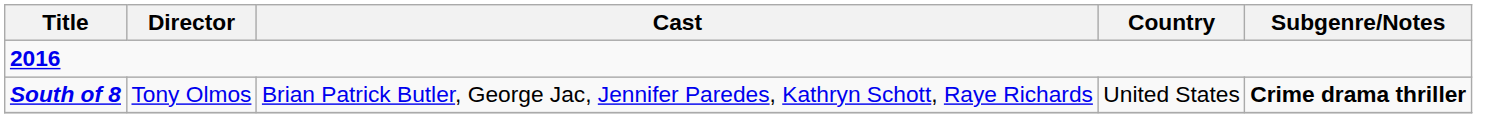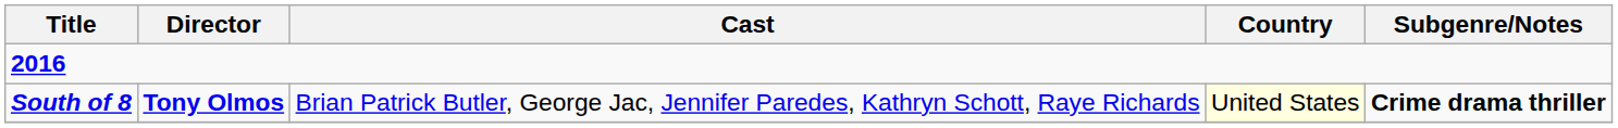 <table class="wikitable">
 <tr>
 <th>Title</th>
 <th>Director</th>
 <th>Cast</th>
 <th>Country</th>
 <th>Subgenre/Notes</th>
 </tr>
 <tr>
 <td colspan="6" ><strong><a href='#'>2016</a></strong></td>
 </tr>
 <tr>
 <td><strong><em><a href='#'>South of 8</a></em></strong></td>
-<td><a href='#'>Tony Olmos</a></td>
+<td><strong><a href='#'>Tony Olmos</a></strong></td>
 <td><a href='#'>Brian Patrick Butler</a>, George Jac, <a href='#'>Jennifer Paredes</a>, <a href='#'>Kathryn Schott</a>, <a href='#'>Raye Richards</a></td>
-<td>United States</td>
+<td style="background: lightyellow;">United States</td>
 <td><strong>Crime drama thriller</strong></td>
 </tr>
 <tr>
 </tr>
 </table>
